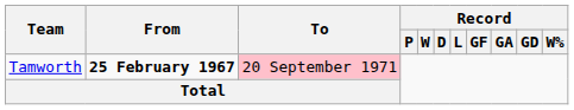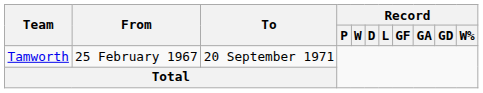 <table class="wikitable" style="text-align:left">
 <tr>
 <th rowspan="2">Team</th>
 <th rowspan="2">From</th>
 <th rowspan="2">To</th>
 <th colspan="8">Record</th>
 </tr>
 <tr>
 <th>P</th>
 <th>W</th>
 <th>D</th>
 <th>L</th>
 <th>GF</th>
 <th>GA</th>
 <th>GD</th>
 <th>W%</th>
 </tr>
 <tr>
 <td><a href='#'>Tamworth</a></td>
-<td><strong>25 February 1967</strong></td>
-<td style="background: pink;">20 September 1971<br></td>
+<td>25 February 1967</td>
+<td>20 September 1971<br></td>
 </tr>
 <tr>
 <th colspan=3>Total<br></th>
 </tr>
 </table>
